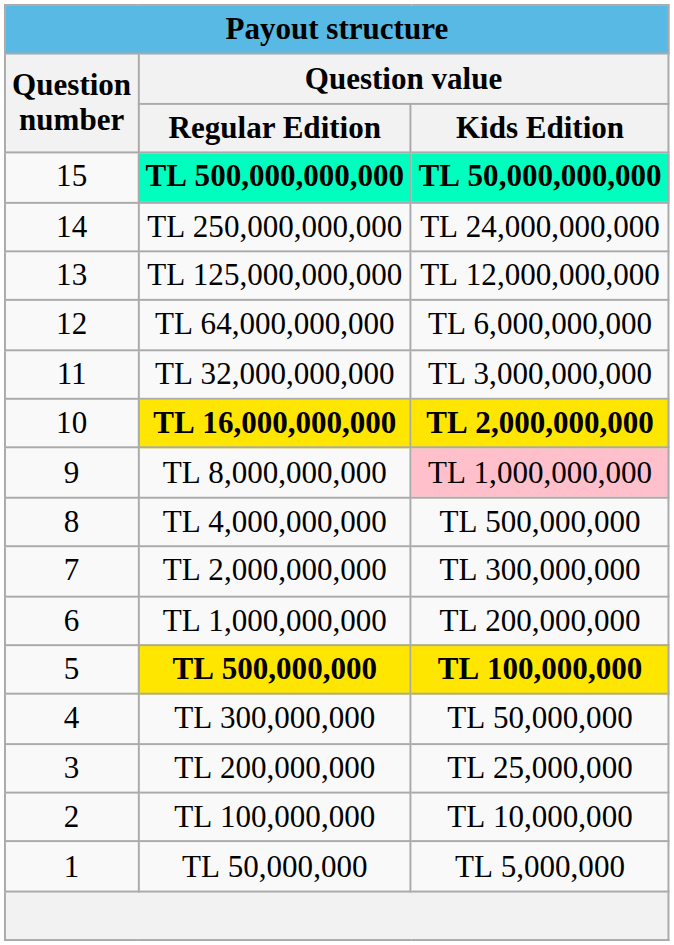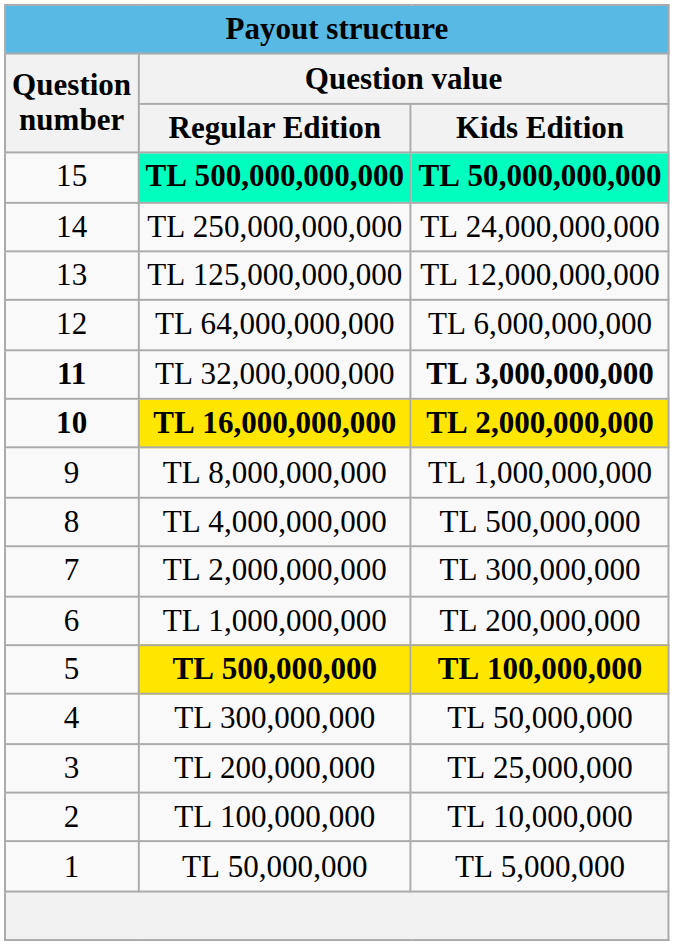 <table class="wikitable" style="text-align:center;">
 <tr>
 <th colspan="3" style="background: #58B9E4">Payout structure</th>
 </tr>
 <tr>
 <th rowspan="2">Question<br>number</th>
 <th colspan="2">Question value</th>
 </tr>
 <tr>
 <th>Regular Edition</th>
 <th>Kids Edition</th>
 </tr>
 <tr>
 <td>15</td>
 <td style="background: #00FFBF"><strong>TL 500,000,000,000</strong></td>
 <td style="background: #00FFBF"><strong>TL 50,000,000,000</strong></td>
 </tr>
 <tr>
 <td>14</td>
 <td>TL 250,000,000,000</td>
 <td>TL 24,000,000,000</td>
 </tr>
 <tr>
 <td>13</td>
 <td>TL 125,000,000,000</td>
 <td>TL 12,000,000,000</td>
 </tr>
 <tr>
 <td>12</td>
 <td>TL 64,000,000,000</td>
 <td>TL 6,000,000,000</td>
 </tr>
 <tr>
-<td>11</td>
+<td><strong>11</strong></td>
 <td>TL 32,000,000,000</td>
-<td>TL 3,000,000,000</td>
+<td><strong>TL 3,000,000,000</strong></td>
 </tr>
 <tr>
-<td>10</td>
+<td><strong>10</strong></td>
 <td style="background: #FFE600"><strong>TL 16,000,000,000</strong></td>
 <td style="background: #FFE600"><strong>TL 2,000,000,000</strong></td>
 </tr>
 <tr>
 <td>9</td>
 <td>TL 8,000,000,000</td>
-<td style="background: pink;">TL 1,000,000,000</td>
+<td>TL 1,000,000,000</td>
 </tr>
 <tr>
 <td>8</td>
 <td>TL 4,000,000,000</td>
 <td>TL 500,000,000</td>
 </tr>
 <tr>
 <td>7</td>
 <td>TL 2,000,000,000</td>
 <td>TL 300,000,000</td>
 </tr>
 <tr>
 <td>6</td>
 <td>TL 1,000,000,000</td>
 <td>TL 200,000,000</td>
 </tr>
 <tr>
 <td>5</td>
 <td style="background: #FFE600"><strong>TL 500,000,000</strong></td>
 <td style="background: #FFE600"><strong>TL 100,000,000</strong></td>
 </tr>
 <tr>
 <td>4</td>
 <td>TL 300,000,000</td>
 <td>TL 50,000,000</td>
 </tr>
 <tr>
 <td>3</td>
 <td>TL 200,000,000</td>
 <td>TL 25,000,000</td>
 </tr>
 <tr>
 <td>2</td>
 <td>TL 100,000,000</td>
 <td>TL 10,000,000</td>
 </tr>
 <tr>
 <td>1</td>
 <td>TL 50,000,000</td>
 <td>TL 5,000,000</td>
 </tr>
 <tr>
 <th colspan="3" style="text-align:left"><br></th>
 </tr>
 </table>
